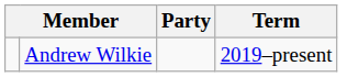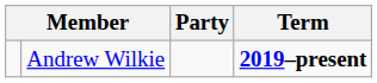 <table class=wikitable style="text-align:center">
 <tr>
 <th colspan=2>Member</th>
 <th>Party</th>
 <th>Term</th>
 </tr>
 <tr>
 <td> </td>
 <td><a href='#'>Andrew Wilkie</a></td>
 <td></td>
-<td><a href='#'>2019</a>–present</td>
+<td><strong><a href='#'>2019</a>–present</strong></td>
 </tr>
 </table>
